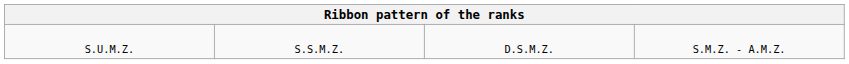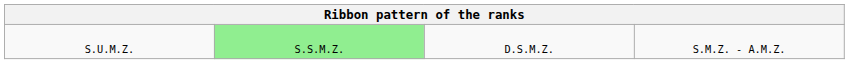 <table align=center class=wikitable width=70%>
 <tr>
 <th colspan=4>Ribbon pattern of the ranks </th>
 </tr>
 <tr>
 <td width=25% valign=top align=center><br><small>S.U.M.Z.</small></td>
-<td width=25% valign=top align=center><br><small>S.S.M.Z.</small></td>
+<td width=25% valign=top align=center style="background: lightgreen;"><br><small>S.S.M.Z.</small></td>
 <td width=25% valign=top align=center><br><small>D.S.M.Z.</small></td>
 <td width=25% valign=top align=center><br><small>S.M.Z. - A.M.Z.</small></td>
 </tr>
 </table>
